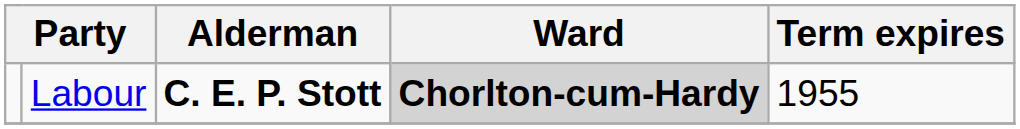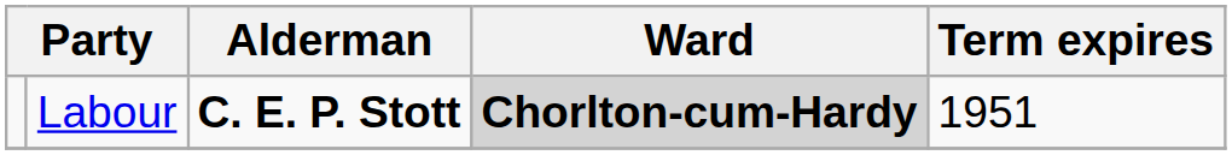 <table class="wikitable">
 <tr>
 <th colspan="2">Party</th>
 <th>Alderman</th>
 <th>Ward</th>
 <th>Term expires</th>
 </tr>
 <tr>
 <td style="background-color:"></td>
 <td><a href='#'>Labour</a></td>
 <td><strong>C. E. P. Stott</strong></td>
 <td style="background: lightgrey;"><strong>Chorlton-cum-Hardy</strong></td>
-<td>1955</td>
+<td>1951</td>
 </tr>
 <tr>
 </tr>
 </table>
